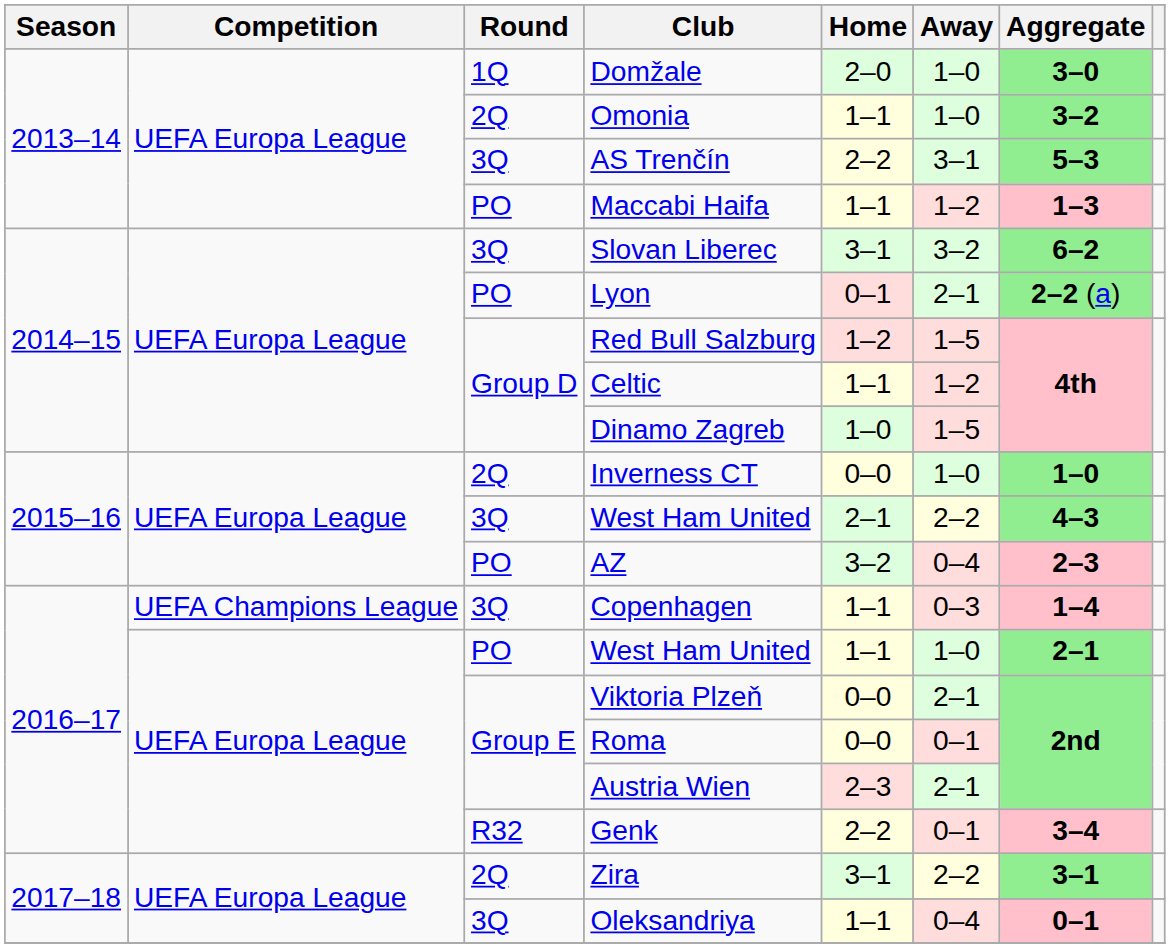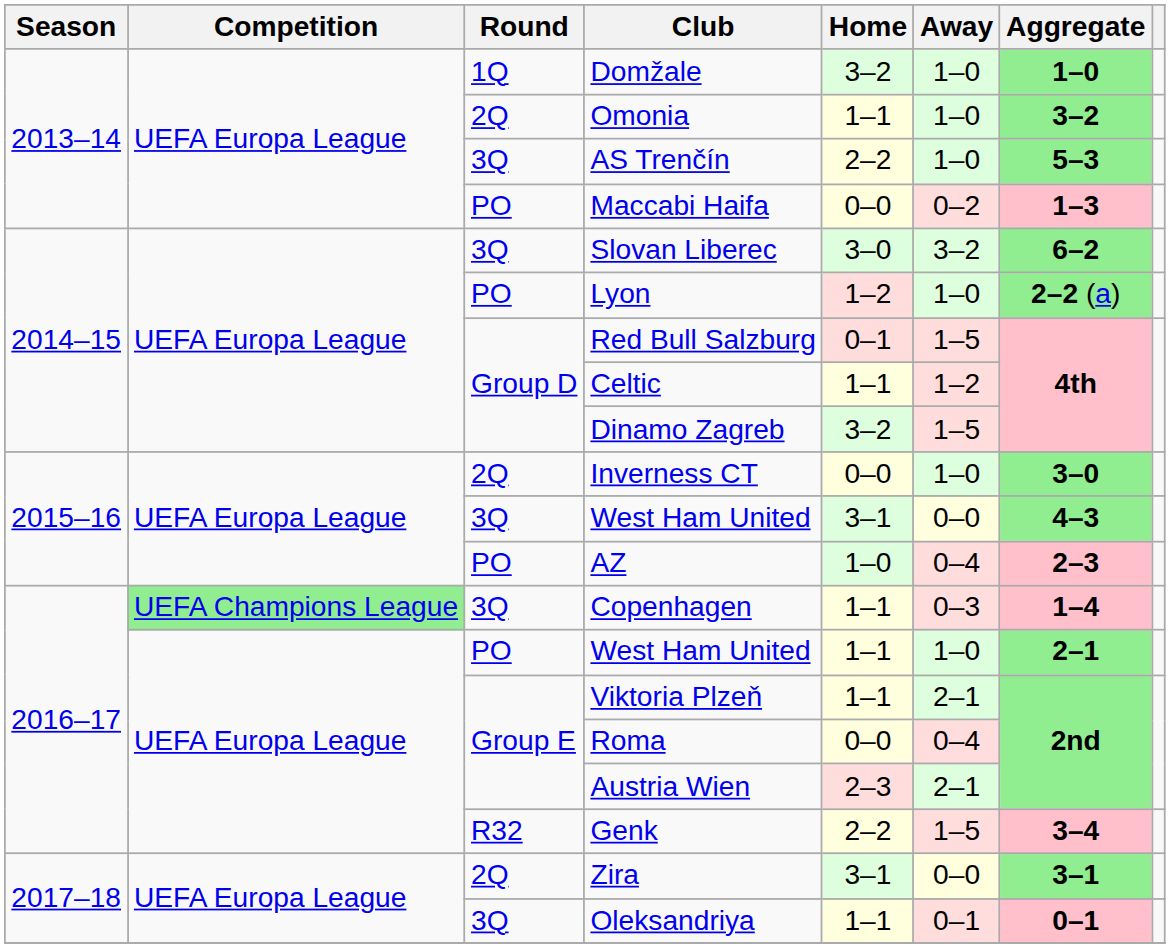 <table class="wikitable">
 <tr>
 <th>Season</th>
 <th>Competition</th>
 <th>Round</th>
 <th>Club</th>
 <th>Home</th>
 <th>Away</th>
 <th>Aggregate</th>
 <th></th>
 </tr>
 <tr>
 <td rowspan="4"><a href='#'>2013–14</a></td>
 <td rowspan="4"><a href='#'>UEFA Europa League</a></td>
 <td><a href='#'>1Q</a></td>
 <td> <a href='#'>Domžale</a></td>
-<td bgcolor="#ddffdd" align="center">2–0</td>
+<td bgcolor="#ddffdd" align="center">3–2</td>
 <td bgcolor="#ddffdd" align="center">1–0</td>
-<td bgcolor=lightgreen align="center"><strong>3–0</strong></td>
+<td bgcolor=lightgreen align="center"><strong>1–0</strong></td>
 <td></td>
 </tr>
 <tr>
 <td><a href='#'>2Q</a></td>
 <td> <a href='#'>Omonia</a></td>
 <td bgcolor="#ffffdd" align="center">1–1</td>
 <td bgcolor="#ddffdd" align="center">1–0</td>
 <td bgcolor=lightgreen align="center"><strong>3–2</strong></td>
 <td></td>
 </tr>
 <tr>
 <td><a href='#'>3Q</a></td>
 <td> <a href='#'>AS Trenčín</a></td>
 <td bgcolor="#ffffdd" align="center">2–2</td>
-<td bgcolor="#ddffdd" align="center">3–1</td>
+<td bgcolor="#ddffdd" align="center">1–0</td>
 <td bgcolor=lightgreen align="center"><strong>5–3</strong></td>
 <td></td>
 </tr>
 <tr>
 <td><a href='#'>PO</a></td>
 <td> <a href='#'>Maccabi Haifa</a></td>
-<td bgcolor="#ffffdd" style="text-align:center;">1–1</td>
-<td bgcolor="#ffdddd" style="text-align:center;">1–2</td>
+<td bgcolor="#ffffdd" align="center">0–0</td>
+<td bgcolor="#ffdddd" style="text-align:center;">0–2</td>
 <td bgcolor=pink style="text-align:center;"><strong>1–3</strong></td>
 <td></td>
 </tr>
 <tr>
 <td rowspan="5"><a href='#'>2014–15</a></td>
 <td rowspan="5"><a href='#'>UEFA Europa League</a></td>
 <td><a href='#'>3Q</a></td>
 <td> <a href='#'>Slovan Liberec</a></td>
-<td bgcolor="#ddffdd" align="center">3–1</td>
+<td bgcolor="#ddffdd" align="center">3–0</td>
 <td bgcolor="#ddffdd" align="center">3–2</td>
 <td bgcolor=lightgreen align="center"><strong>6–2</strong></td>
 <td></td>
 </tr>
 <tr>
 <td><a href='#'>PO</a></td>
 <td> <a href='#'>Lyon</a></td>
-<td bgcolor="#ffdddd" align="center">0–1</td>
-<td bgcolor="#ddffdd" align="center">2–1</td>
+<td bgcolor="#ffdddd" style="text-align:center;">1–2</td>
+<td bgcolor="#ddffdd" align="center">1–0</td>
 <td bgcolor=lightgreen align="center"><strong>2–2</strong> (<a href='#'>a</a>)</td>
 <td></td>
 </tr>
 <tr>
 <td rowspan="3"><a href='#'>Group D</a></td>
 <td> <a href='#'>Red Bull Salzburg</a></td>
-<td bgcolor="#ffdddd" style="text-align:center;">1–2</td>
+<td bgcolor="#ffdddd" align="center">0–1</td>
 <td bgcolor="#ffdddd" style="text-align:center;">1–5</td>
 <td rowspan="3" bgcolor=pink align="center"><strong>4th</strong></td>
 <td rowspan="3"></td>
 </tr>
 <tr>
 <td> <a href='#'>Celtic</a></td>
 <td bgcolor="#ffffdd" style="text-align:center;">1–1</td>
 <td bgcolor="#ffdddd" style="text-align:center;">1–2</td>
 </tr>
 <tr>
 <td> <a href='#'>Dinamo Zagreb</a></td>
-<td bgcolor="#ddffdd" style="text-align:center;">1–0</td>
+<td bgcolor="#ddffdd" align="center">3–2</td>
 <td bgcolor="#ffdddd" style="text-align:center;">1–5</td>
 </tr>
 <tr>
 <td rowspan=3><a href='#'>2015–16</a></td>
 <td rowspan=3><a href='#'>UEFA Europa League</a></td>
 <td><a href='#'>2Q</a></td>
 <td> <a href='#'>Inverness CT</a></td>
 <td bgcolor="#ffffdd" align="center">0–0</td>
 <td bgcolor="#ddffdd" align="center">1–0</td>
-<td bgcolor=lightgreen align="center"><strong>1–0</strong></td>
+<td bgcolor=lightgreen align="center"><strong>3–0</strong></td>
 <td></td>
 </tr>
 <tr>
 <td><a href='#'>3Q</a></td>
 <td> <a href='#'>West Ham United</a></td>
-<td bgcolor="#ddffdd" align="center">2–1</td>
-<td bgcolor="#ffffdd" align="center">2–2</td>
+<td bgcolor="#ddffdd" align="center">3–1</td>
+<td bgcolor="#ffffdd" align="center">0–0</td>
 <td bgcolor=lightgreen align="center"><strong>4–3</strong></td>
 <td></td>
 </tr>
 <tr>
 <td style="background-color:"><a href='#'>PO</a></td>
 <td style="background-color:"> <a href='#'>AZ</a></td>
-<td bgcolor="#ddffdd" align="center">3–2</td>
+<td bgcolor="#ddffdd" style="text-align:center;">1–0</td>
 <td bgcolor="#ffdddd" style="text-align:center;">0–4</td>
 <td bgcolor=pink align="center"><strong>2–3</strong></td>
 <td></td>
 </tr>
 <tr>
 <td rowspan="6"><a href='#'>2016–17</a></td>
-<td><a href='#'>UEFA Champions League</a></td>
+<td style="background: lightgreen;"><a href='#'>UEFA Champions League</a></td>
 <td><a href='#'>3Q</a></td>
 <td> <a href='#'>Copenhagen</a></td>
 <td bgcolor="#ffffdd" align="center">1–1</td>
 <td bgcolor="#ffdddd" align="center">0–3</td>
 <td bgcolor=pink align="center"><strong>1–4</strong></td>
 <td></td>
 </tr>
 <tr>
 <td rowspan="5"><a href='#'>UEFA Europa League</a></td>
 <td><a href='#'>PO</a></td>
 <td> <a href='#'>West Ham United</a></td>
 <td bgcolor="#ffffdd" align="center">1–1</td>
 <td bgcolor="#ddffdd" align="center">1–0</td>
 <td bgcolor=lightgreen align="center"><strong>2–1</strong></td>
 <td></td>
 </tr>
 <tr>
 <td rowspan="3"><a href='#'>Group E</a></td>
 <td> <a href='#'>Viktoria Plzeň</a></td>
-<td bgcolor="#ffffdd" align="center">0–0</td>
+<td bgcolor="#ffffdd" style="text-align:center;">1–1</td>
 <td bgcolor="#ddffdd" style="text-align:center;">2–1</td>
 <td rowspan="3" bgcolor=lightgreen style="text-align:center;"><strong>2nd</strong></td>
 <td rowspan="3"></td>
 </tr>
 <tr>
 <td> <a href='#'>Roma</a></td>
 <td bgcolor="#ffffdd" style="text-align:center;">0–0</td>
-<td bgcolor="#ffdddd" align="center">0–1</td>
+<td bgcolor="#ffdddd" style="text-align:center;">0–4</td>
 </tr>
 <tr>
 <td> <a href='#'>Austria Wien</a></td>
 <td bgcolor="#ffdddd" style="text-align:center;">2–3</td>
 <td bgcolor="#ddffdd" style="text-align:center;">2–1</td>
 </tr>
 <tr>
 <td><a href='#'>R32</a></td>
 <td> <a href='#'>Genk</a></td>
 <td bgcolor="#ffffdd" align="center">2–2</td>
-<td bgcolor="#ffdddd" align="center">0–1</td>
+<td bgcolor="#ffdddd" style="text-align:center;">1–5</td>
 <td bgcolor=pink align="center"><strong>3–4</strong></td>
 <td></td>
 </tr>
 <tr>
 <td rowspan="2"><a href='#'>2017–18</a></td>
 <td rowspan="2"><a href='#'>UEFA Europa League</a></td>
 <td><a href='#'>2Q</a></td>
 <td> <a href='#'>Zira</a></td>
 <td bgcolor="#ddffdd" align="center">3–1</td>
-<td bgcolor="#ffffdd" align="center">2–2</td>
+<td bgcolor="#ffffdd" align="center">0–0</td>
 <td bgcolor=lightgreen align="center"><strong>3–1</strong></td>
 <td></td>
 </tr>
 <tr>
 <td><a href='#'>3Q</a></td>
 <td> <a href='#'>Oleksandriya</a></td>
 <td bgcolor="#ffffdd" align="center">1–1</td>
-<td bgcolor="#ffdddd" style="text-align:center;">0–4</td>
+<td bgcolor="#ffdddd" align="center">0–1</td>
 <td bgcolor=pink align="center"><strong>0–1</strong></td>
 <td align="center"></td>
 </tr>
 <tr>
 </tr>
 </table>
